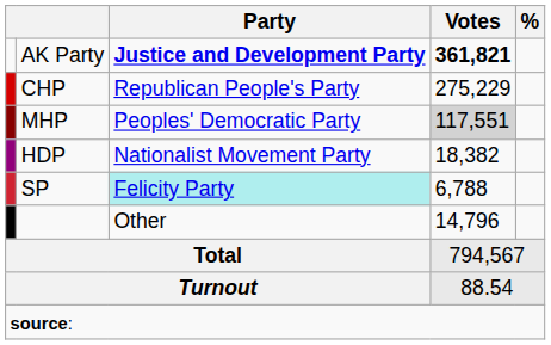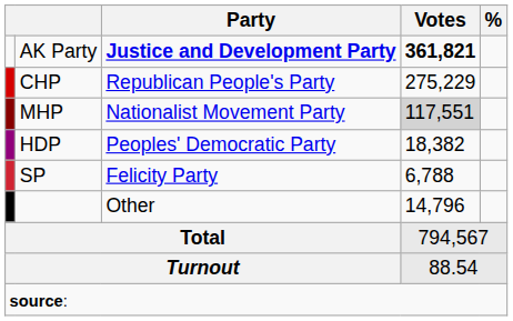 <table class="wikitable">
 <tr>
 <th colspan="2" align="center"></th>
 <th align="center">Party</th>
 <th align="center">Votes</th>
 <th align="center">%</th>
 </tr>
 <tr align="left">
 <td></td>
 <td>AK Party</td>
 <td><strong><a href='#'>Justice and Development Party</a></strong></td>
 <td><strong>361,821</strong></td>
 <td><strong></strong></td>
 </tr>
 <tr align="left">
 <td bgcolor="#d50000" width="1"></td>
 <td>CHP</td>
 <td><a href='#'>Republican People's Party</a></td>
 <td>275,229</td>
 <td></td>
 </tr>
 <tr align="left">
 <td bgcolor="#870000" width="1"></td>
 <td>MHP</td>
-<td><a href='#'>Peoples' Democratic Party</a></td>
+<td><a href='#'>Nationalist Movement Party</a></td>
 <td style="background: lightgrey;">117,551</td>
 <td></td>
 </tr>
 <tr align="left">
 <td bgcolor="#91007B" width="1"></td>
 <td>HDP</td>
-<td><a href='#'>Nationalist Movement Party</a></td>
+<td><a href='#'>Peoples' Democratic Party</a></td>
 <td>18,382</td>
 <td></td>
 </tr>
 <tr align="left">
 <td bgcolor="#D02433" width="1"></td>
 <td>SP</td>
-<td style="background: paleturquoise;"><a href='#'>Felicity Party</a></td>
+<td><a href='#'>Felicity Party</a></td>
 <td>6,788</td>
 <td></td>
 </tr>
 <tr align="left">
 <td bgcolor=" " width="1"></td>
 <td></td>
 <td>Other</td>
 <td>14,796</td>
 <td></td>
 </tr>
 <tr align="left" style="background-color:#E9E9E9">
 <th colspan="3" align="center"><strong>Total</strong></th>
 <td colspan="5" align="center">794,567</td>
 </tr>
 <tr align="left" style="background-color:#E9E9E9">
 <th colspan="3" align="center"><em>Turnout</em></th>
 <td colspan="5" align="center">88.54</td>
 </tr>
 <tr>
 <td colspan="9" align="left"><small><strong>source</strong>: </small></td>
 </tr>
 </table>
